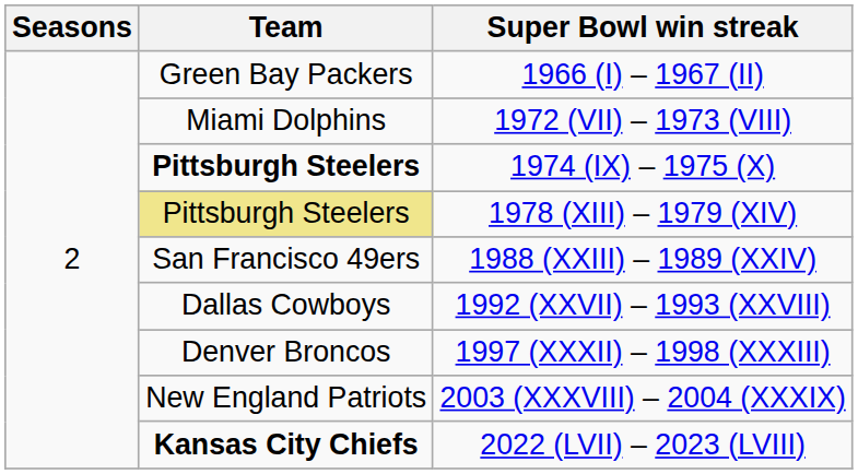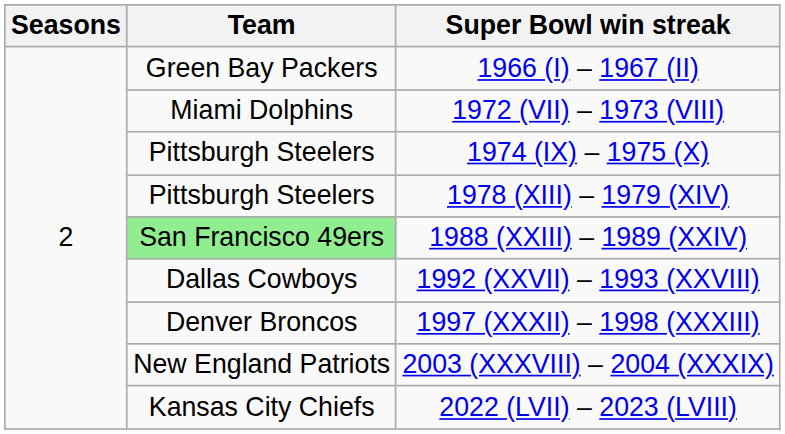 <table class="wikitable sortable" style="text-align:center">
 <tr>
 <th>Seasons</th>
 <th>Team</th>
 <th>Super Bowl win streak</th>
 </tr>
 <tr>
 <td rowspan="9">2</td>
 <td>Green Bay Packers</td>
 <td><a href='#'>1966 (I)</a> – <a href='#'>1967 (II)</a></td>
 </tr>
 <tr>
 <td>Miami Dolphins</td>
 <td><a href='#'>1972 (VII)</a> – <a href='#'>1973 (VIII)</a></td>
 </tr>
 <tr>
-<td><strong>Pittsburgh Steelers</strong></td>
+<td>Pittsburgh Steelers</td>
 <td><a href='#'>1974 (IX)</a> – <a href='#'>1975 (X)</a></td>
 </tr>
 <tr>
-<td style="background: khaki;">Pittsburgh Steelers</td>
+<td>Pittsburgh Steelers</td>
 <td><a href='#'>1978 (XIII)</a> – <a href='#'>1979 (XIV)</a></td>
 </tr>
 <tr>
-<td>San Francisco 49ers</td>
+<td style="background: lightgreen;">San Francisco 49ers</td>
 <td><a href='#'>1988 (XXIII)</a> – <a href='#'>1989 (XXIV)</a></td>
 </tr>
 <tr>
 <td>Dallas Cowboys</td>
 <td><a href='#'>1992 (XXVII)</a> – <a href='#'>1993 (XXVIII)</a></td>
 </tr>
 <tr>
 <td>Denver Broncos</td>
 <td><a href='#'>1997 (XXXII)</a> – <a href='#'>1998 (XXXIII)</a></td>
 </tr>
 <tr>
 <td>New England Patriots</td>
 <td><a href='#'>2003 (XXXVIII)</a> – <a href='#'>2004 (XXXIX)</a> </td>
 </tr>
 <tr>
-<td><strong>Kansas City Chiefs</strong></td>
+<td>Kansas City Chiefs</td>
 <td><a href='#'>2022 (LVII)</a>  – <a href='#'> 2023 (LVIII)</a></td>
 </tr>
 </table>
